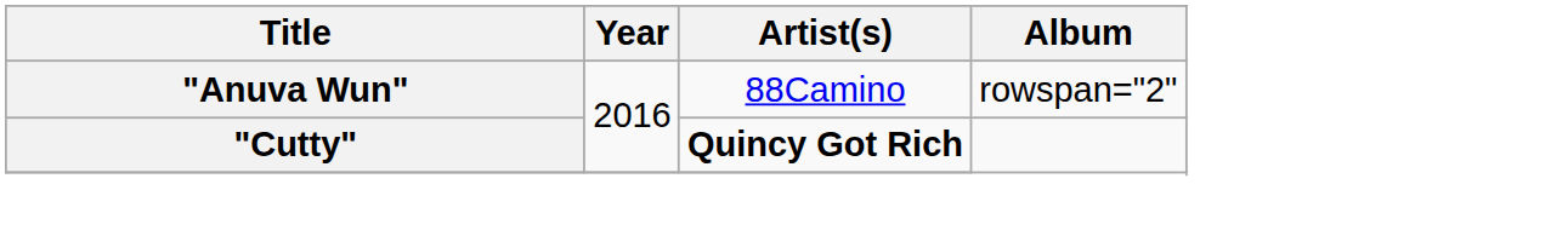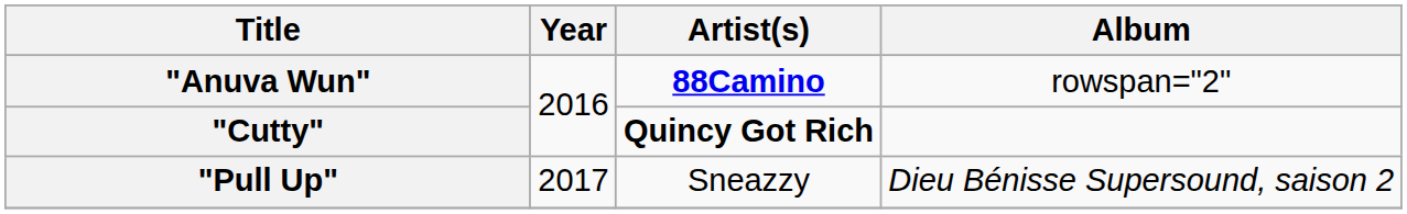 <table class="wikitable plainrowheaders" style="text-align:center;">
 <tr>
 <th scope="col" style="width:16em;">Title</th>
 <th scope="col">Year</th>
 <th scope="col">Artist(s)</th>
 <th scope="col">Album</th>
 </tr>
 <tr>
 <th scope="row">"Anuva Wun"</th>
 <td rowspan="2">2016</td>
-<td><a href='#'>88Camino</a> </td>
+<td><strong><a href='#'>88Camino</a> </strong></td>
 <td>rowspan="2" </td>
 </tr>
 <tr>
 <th scope="row">"Cutty"</th>
 <td><strong>Quincy Got Rich</strong></td>
 </tr>
 <tr>
+<th scope="row">"Pull Up"</th>
+<td rowspan="1">2017</td>
+<td>Sneazzy</td>
+<td><em>Dieu Bénisse Supersound, saison 2</em></td>
+</tr>
+<tr>
 </tr>
 </table>
